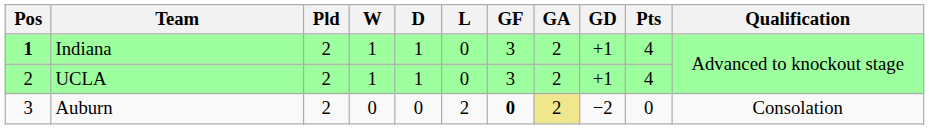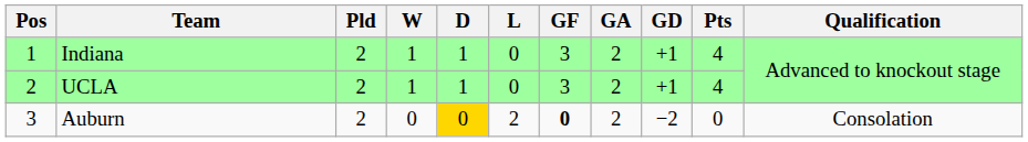 <table class="wikitable" style="text-align:center; margin: 1em auto">
 <tr>
 <th style="width:2em">Pos</th>
 <th style="width:13em">Team</th>
 <th style="width:2em">Pld</th>
 <th style="width:2em">W</th>
 <th style="width:2em">D</th>
 <th style="width:2em">L</th>
 <th style="width:2em">GF</th>
 <th style="width:2em">GA</th>
 <th style="width:2em">GD</th>
 <th style="width:2em">Pts</th>
 <th style="width:13em">Qualification</th>
 </tr>
 <tr bgcolor="#9eff9e">
-<td><strong>1</strong></td>
+<td>1</td>
 <td style="text-align:left">Indiana</td>
 <td>2</td>
 <td>1</td>
 <td>1</td>
 <td>0</td>
 <td>3</td>
 <td>2</td>
 <td>+1</td>
 <td>4</td>
 <td rowspan="2">Advanced to knockout stage</td>
 </tr>
 <tr bgcolor="#9eff9e">
 <td>2</td>
 <td style="text-align:left">UCLA</td>
 <td>2</td>
 <td>1</td>
 <td>1</td>
 <td>0</td>
 <td>3</td>
 <td>2</td>
 <td>+1</td>
 <td>4</td>
 </tr>
 <tr>
 <td>3</td>
 <td style="text-align:left">Auburn</td>
 <td>2</td>
 <td>0</td>
-<td>0</td>
+<td style="background: gold;">0</td>
 <td>2</td>
 <td><strong>0</strong></td>
-<td style="background: khaki;">2</td>
+<td>2</td>
 <td>−2</td>
 <td>0</td>
 <td>Consolation</td>
 </tr>
 </table>
